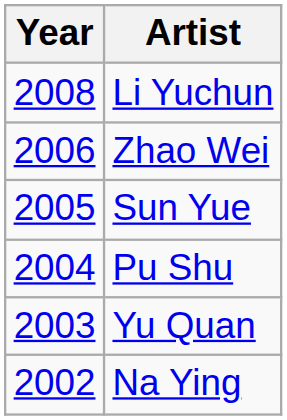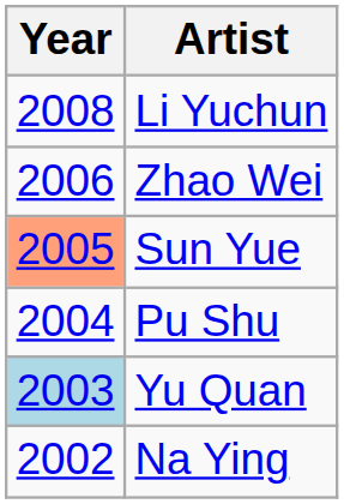 <table class="wikitable">
 <tr>
 <th>Year</th>
 <th>Artist</th>
 </tr>
 <tr>
 <td><a href='#'>2008</a></td>
 <td><a href='#'>Li Yuchun</a></td>
 </tr>
 <tr>
 <td><a href='#'>2006</a></td>
 <td><a href='#'>Zhao Wei</a></td>
 </tr>
 <tr>
-<td><a href='#'>2005</a></td>
+<td style="background: lightsalmon;"><a href='#'>2005</a></td>
 <td><a href='#'>Sun Yue</a></td>
 </tr>
 <tr>
 <td><a href='#'>2004</a></td>
 <td><a href='#'>Pu Shu</a></td>
 </tr>
 <tr>
-<td><a href='#'>2003</a></td>
+<td style="background: lightblue;"><a href='#'>2003</a></td>
 <td><a href='#'>Yu Quan</a></td>
 </tr>
 <tr>
 <td><a href='#'>2002</a></td>
 <td><a href='#'>Na Ying</a></td>
 </tr>
 </table>
